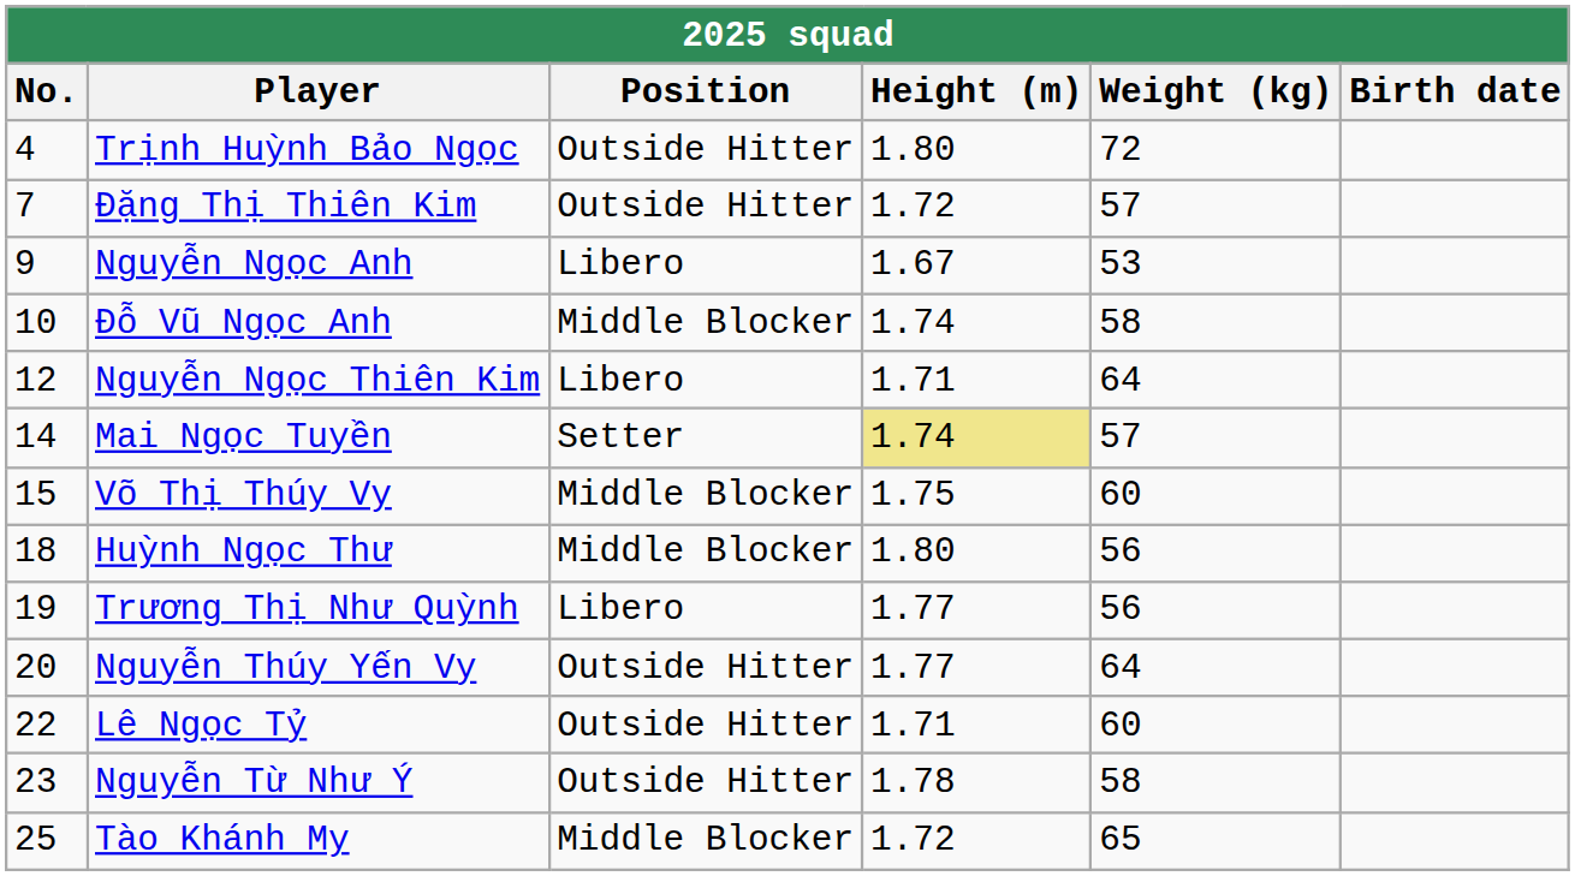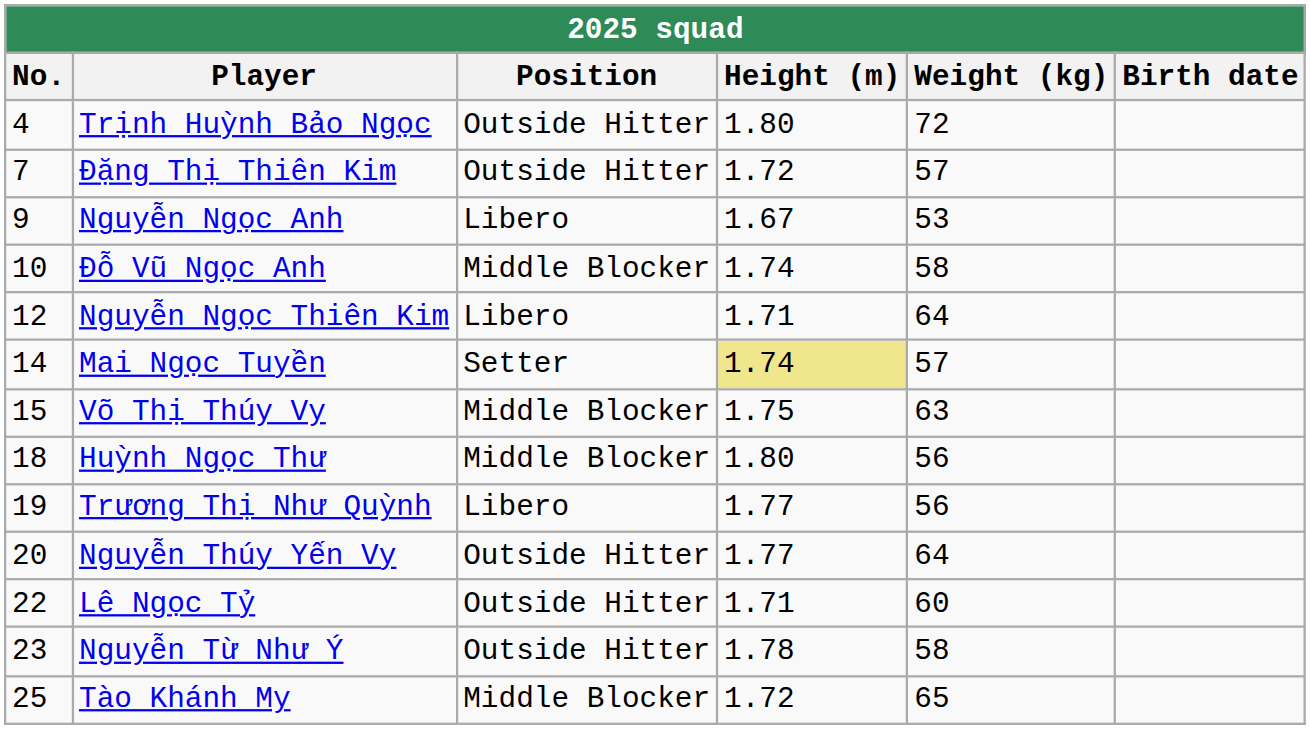 <table class="wikitable sortable" style="font-size:100%;">
 <tr>
 <th colspan=6 style="background:#2E8B57; color:#FFFFFF;">2025 squad</th>
 </tr>
 <tr>
 <th>No.</th>
 <th>Player</th>
 <th>Position</th>
 <th>Height (m)</th>
 <th>Weight (kg)</th>
 <th>Birth date</th>
 </tr>
 <tr>
 <td>4</td>
 <td> <a href='#'>Trịnh Huỳnh Bảo Ngọc</a></td>
 <td>Outside Hitter</td>
 <td>1.80</td>
 <td>72</td>
 <td></td>
 </tr>
 <tr>
 <td>7</td>
 <td> <a href='#'>Đặng Thị Thiên Kim</a></td>
 <td>Outside Hitter</td>
 <td>1.72</td>
 <td>57</td>
 <td></td>
 </tr>
 <tr>
 <td>9</td>
 <td> <a href='#'>Nguyễn Ngọc Anh</a></td>
 <td>Libero</td>
 <td>1.67</td>
 <td>53</td>
 <td></td>
 </tr>
 <tr>
 <td>10</td>
 <td> <a href='#'>Đỗ Vũ Ngọc Anh</a></td>
 <td>Middle Blocker</td>
 <td>1.74</td>
 <td>58</td>
 <td></td>
 </tr>
 <tr>
 <td>12</td>
 <td> <a href='#'>Nguyễn Ngọc Thiên Kim</a></td>
 <td>Libero</td>
 <td>1.71</td>
 <td>64</td>
 <td></td>
 </tr>
 <tr>
 <td>14</td>
 <td> <a href='#'>Mai Ngọc Tuyền</a></td>
 <td>Setter</td>
 <td style="background: khaki;">1.74</td>
 <td>57</td>
 <td></td>
 </tr>
 <tr>
 <td>15</td>
 <td> <a href='#'>Võ Thị Thúy Vy</a></td>
 <td>Middle Blocker</td>
 <td>1.75</td>
-<td>60</td>
+<td>63</td>
 <td></td>
 </tr>
 <tr>
 <td>18</td>
 <td> <a href='#'>Huỳnh Ngọc Thư</a></td>
 <td>Middle Blocker</td>
 <td>1.80</td>
 <td>56</td>
 <td></td>
 </tr>
 <tr>
 <td>19</td>
 <td> <a href='#'>Trương Thị Như Quỳnh</a></td>
 <td>Libero</td>
 <td>1.77</td>
 <td>56</td>
 <td></td>
 </tr>
 <tr>
 <td>20</td>
 <td> <a href='#'>Nguyễn Thúy Yến Vy</a></td>
 <td>Outside Hitter</td>
 <td>1.77</td>
 <td>64</td>
 <td></td>
 </tr>
 <tr>
 <td>22</td>
 <td> <a href='#'>Lê Ngọc Tỷ</a></td>
 <td>Outside Hitter</td>
 <td>1.71</td>
 <td>60</td>
 <td></td>
 </tr>
 <tr>
 <td>23</td>
 <td> <a href='#'>Nguyễn Từ Như Ý</a></td>
 <td>Outside Hitter</td>
 <td>1.78</td>
 <td>58</td>
 <td></td>
 </tr>
 <tr>
 <td>25</td>
 <td> <a href='#'>Tào Khánh My</a></td>
 <td>Middle Blocker</td>
 <td>1.72</td>
 <td>65</td>
 <td></td>
 </tr>
 </table>
